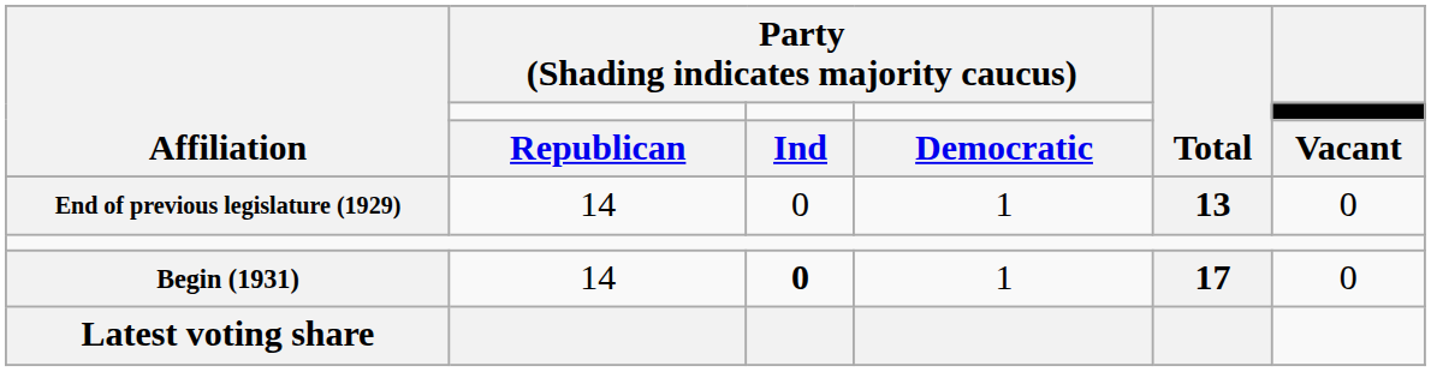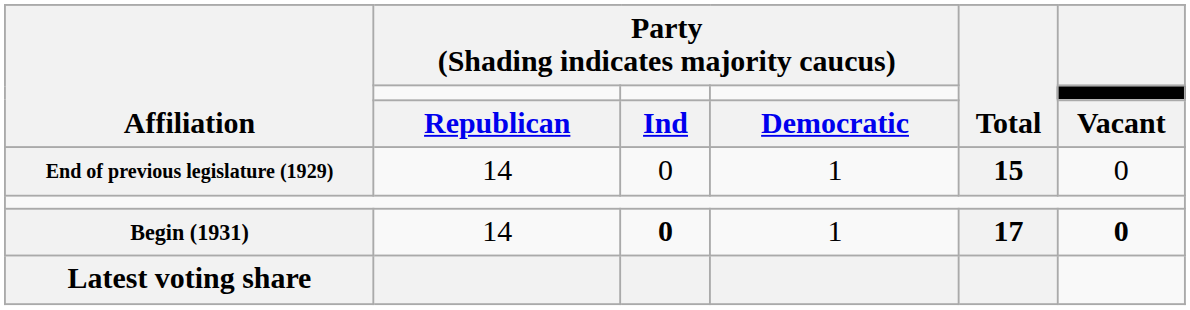 <table class=wikitable style="text-align:center; width:50%">
 <tr style="vertical-align:bottom;">
 <th rowspan=3>Affiliation</th>
 <th colspan=3>Party <div>(Shading indicates majority caucus)</div></th>
 <th rowspan=3>Total</th>
 <th></th>
 </tr>
 <tr style="height:5px">
 <td style="background-color:"></td>
 <td style="background-color:"></td>
 <td style="background-color:"></td>
 <td style="background-color:black"></td>
 </tr>
 <tr>
 <th><a href='#'>Republican</a></th>
 <th><a href='#'>Ind</a></th>
 <th><a href='#'>Democratic</a></th>
 <th>Vacant</th>
 </tr>
 <tr>
 <th nowrap style="font-size:67%">End of previous legislature (1929)</th>
 <td>14</td>
 <td>0</td>
 <td>1</td>
-<th>13</th>
+<th>15</th>
 <td>0</td>
 </tr>
 <tr>
 <td colspan=6></td>
 </tr>
 <tr>
 <th nowrap style="font-size:74%">Begin (1931)</th>
 <td>14</td>
 <td><strong>0</strong></td>
 <td>1</td>
 <th>17</th>
-<td>0</td>
+<td><strong>0</strong></td>
 </tr>
 <tr>
 <th>Latest voting share</th>
 <th colspan=1 ></th>
 <th></th>
 <th></th>
 <th colspan=1></th>
 </tr>
 </table>
